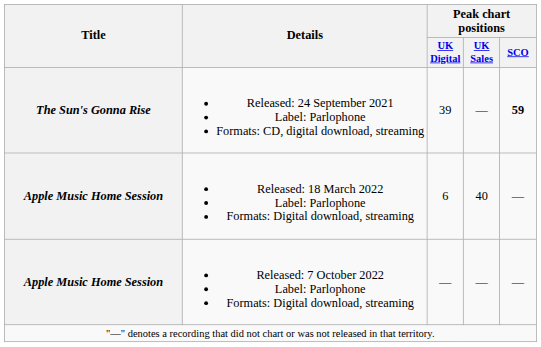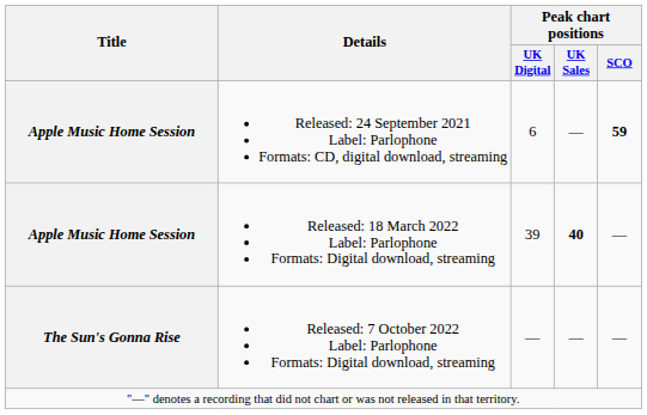 <table class="wikitable plainrowheaders" style="text-align:center;" border="1">
 <tr>
 <th scope="col" rowspan="2" style="width:14em;">Title</th>
 <th scope="col" rowspan="2">Details</th>
 <th scope="col" colspan="3">Peak chart positions</th>
 </tr>
 <tr>
 <th scope="col" style="width:3em;font-size:85%;"><a href='#'>UK<br>Digital</a><br></th>
 <th scope="col" style="width:3em;font-size:85%;"><a href='#'>UK<br>Sales</a><br></th>
 <th scope="col" style="width:3em;font-size:85%;"><a href='#'>SCO</a><br></th>
 </tr>
 <tr>
-<th scope="row"><em>The Sun's Gonna Rise</em></th>
+<th scope="row"><em>Apple Music Home Session</em></th>
 <td><br><ul><li>Released: 24 September 2021</li><li>Label: Parlophone</li><li>Formats: CD, digital download, streaming</li></ul></td>
-<td>39</td>
+<td>6</td>
 <td>—</td>
 <td><strong>59</strong></td>
 </tr>
 <tr>
 <th scope="row"><em>Apple Music Home Session</em></th>
 <td><br><ul><li>Released: 18 March 2022</li><li>Label: Parlophone</li><li>Formats: Digital download, streaming</li></ul></td>
-<td>6</td>
-<td>40</td>
+<td>39</td>
+<td><strong>40</strong></td>
 <td>—</td>
 </tr>
 <tr>
-<th scope="row"><em>Apple Music Home Session</em></th>
+<th scope="row"><em>The Sun's Gonna Rise</em></th>
 <td><br><ul><li>Released: 7 October 2022</li><li>Label: Parlophone</li><li>Formats: Digital download, streaming</li></ul></td>
 <td>—</td>
 <td>—</td>
 <td>—</td>
 </tr>
 <tr>
 <td colspan="5" style="font-size:85%;">"—" denotes a recording that did not chart or was not released in that territory.</td>
 </tr>
 </table>
